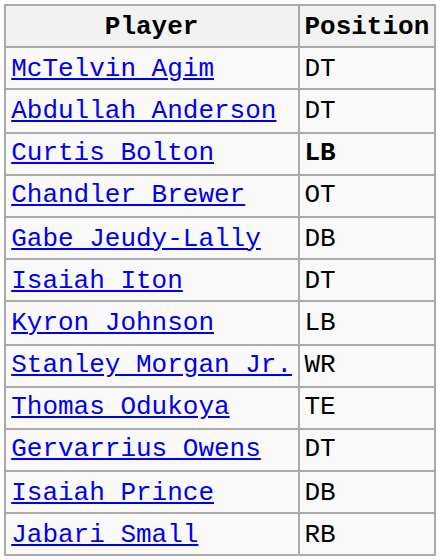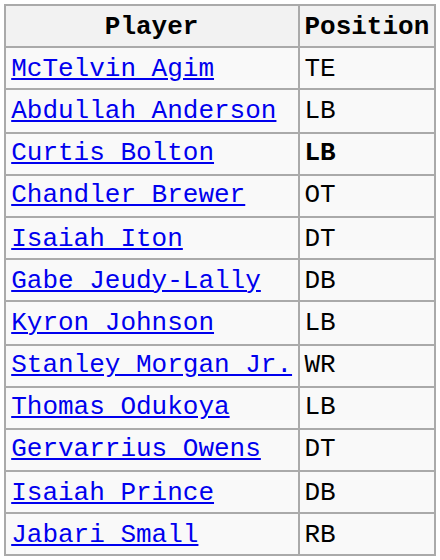 <table class="wikitable sortable">
 <tr>
 <th>Player</th>
 <th>Position</th>
 </tr>
 <tr>
 <td><a href='#'>McTelvin Agim</a></td>
-<td>DT</td>
+<td>TE</td>
 </tr>
 <tr>
 <td><a href='#'>Abdullah Anderson</a></td>
-<td>DT</td>
+<td>LB</td>
 </tr>
 <tr>
 <td><a href='#'>Curtis Bolton</a></td>
 <td><strong>LB</strong></td>
 </tr>
 <tr>
 <td><a href='#'>Chandler Brewer</a></td>
 <td>OT</td>
 </tr>
 <tr>
+<td><a href='#'>Isaiah Iton</a></td>
+<td>DT</td>
+</tr>
+<tr>
 <td><a href='#'>Gabe Jeudy-Lally</a></td>
 <td>DB</td>
-</tr>
-<tr>
-<td><a href='#'>Isaiah Iton</a></td>
-<td>DT</td>
 </tr>
 <tr>
 <td><a href='#'>Kyron Johnson</a></td>
 <td>LB</td>
 </tr>
 <tr>
 <td><a href='#'>Stanley Morgan Jr.</a></td>
 <td>WR</td>
 </tr>
 <tr>
 <td><a href='#'>Thomas Odukoya</a></td>
-<td>TE</td>
+<td>LB</td>
 </tr>
 <tr>
 <td><a href='#'>Gervarrius Owens</a></td>
 <td>DT</td>
 </tr>
 <tr>
 <td><a href='#'>Isaiah Prince</a></td>
 <td>DB</td>
 </tr>
 <tr>
 <td><a href='#'>Jabari Small</a></td>
 <td>RB</td>
 </tr>
 <tr>
 </tr>
 </table>
